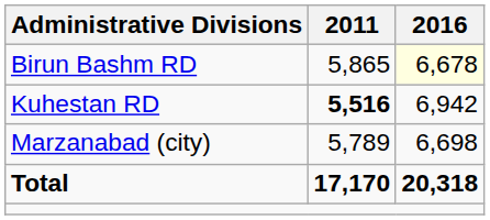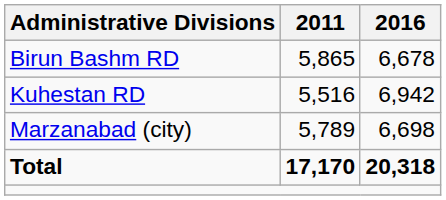 <table class="wikitable">
 <tr>
 <th>Administrative Divisions</th>
 <th>2011</th>
 <th>2016</th>
 </tr>
 <tr>
 <td><a href='#'>Birun Bashm RD</a></td>
 <td style="text-align: right;">5,865</td>
-<td style="background: lightyellow; text-align: right;">6,678</td>
+<td style="text-align: right;">6,678</td>
 </tr>
 <tr>
 <td><a href='#'>Kuhestan RD</a></td>
-<td style="text-align: right;"><strong>5,516</strong></td>
+<td style="text-align: right;">5,516</td>
 <td style="text-align: right;">6,942</td>
 </tr>
 <tr>
 <td><a href='#'>Marzanabad</a> (city)</td>
 <td style="text-align: right;">5,789</td>
 <td style="text-align: right;">6,698</td>
 </tr>
 <tr>
 <td><strong>Total</strong></td>
 <td style="text-align: right;"><strong>17,170</strong></td>
 <td style="text-align: right;"><strong>20,318</strong></td>
 </tr>
 <tr>
 <td colspan=3></td>
 </tr>
 </table>
